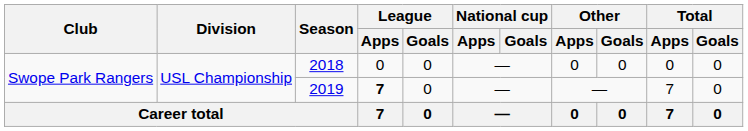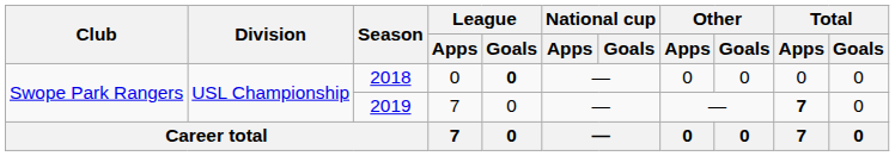 <table class="wikitable" style="text-align: center;">
 <tr>
 <th rowspan="2">Club</th>
 <th rowspan="2">Division</th>
 <th rowspan="2">Season</th>
 <th colspan="2">League</th>
 <th colspan="2">National cup</th>
 <th colspan="2">Other</th>
 <th colspan="2">Total</th>
 </tr>
 <tr>
 <th>Apps</th>
 <th>Goals</th>
 <th>Apps</th>
 <th>Goals</th>
 <th>Apps</th>
 <th>Goals</th>
 <th>Apps</th>
 <th>Goals</th>
 </tr>
 <tr>
 <td rowspan="2"><a href='#'>Swope Park Rangers</a></td>
 <td rowspan="2"><a href='#'>USL Championship</a></td>
 <td><a href='#'>2018</a></td>
 <td>0</td>
-<td>0</td>
+<td><strong>0</strong></td>
 <td colspan=2>—</td>
 <td>0</td>
 <td>0</td>
 <td>0</td>
 <td>0</td>
 </tr>
 <tr>
 <td><a href='#'>2019</a></td>
-<td><strong>7</strong></td>
+<td>7</td>
 <td>0</td>
 <td colspan=2>—</td>
 <td colspan=2>—</td>
-<td>7</td>
+<td><strong>7</strong></td>
 <td>0</td>
 </tr>
 <tr>
 <th colspan=3>Career total</th>
 <th>7</th>
 <th>0</th>
 <th colspan=2>—</th>
 <th>0</th>
 <th>0</th>
 <th>7</th>
 <th>0</th>
 </tr>
 </table>
